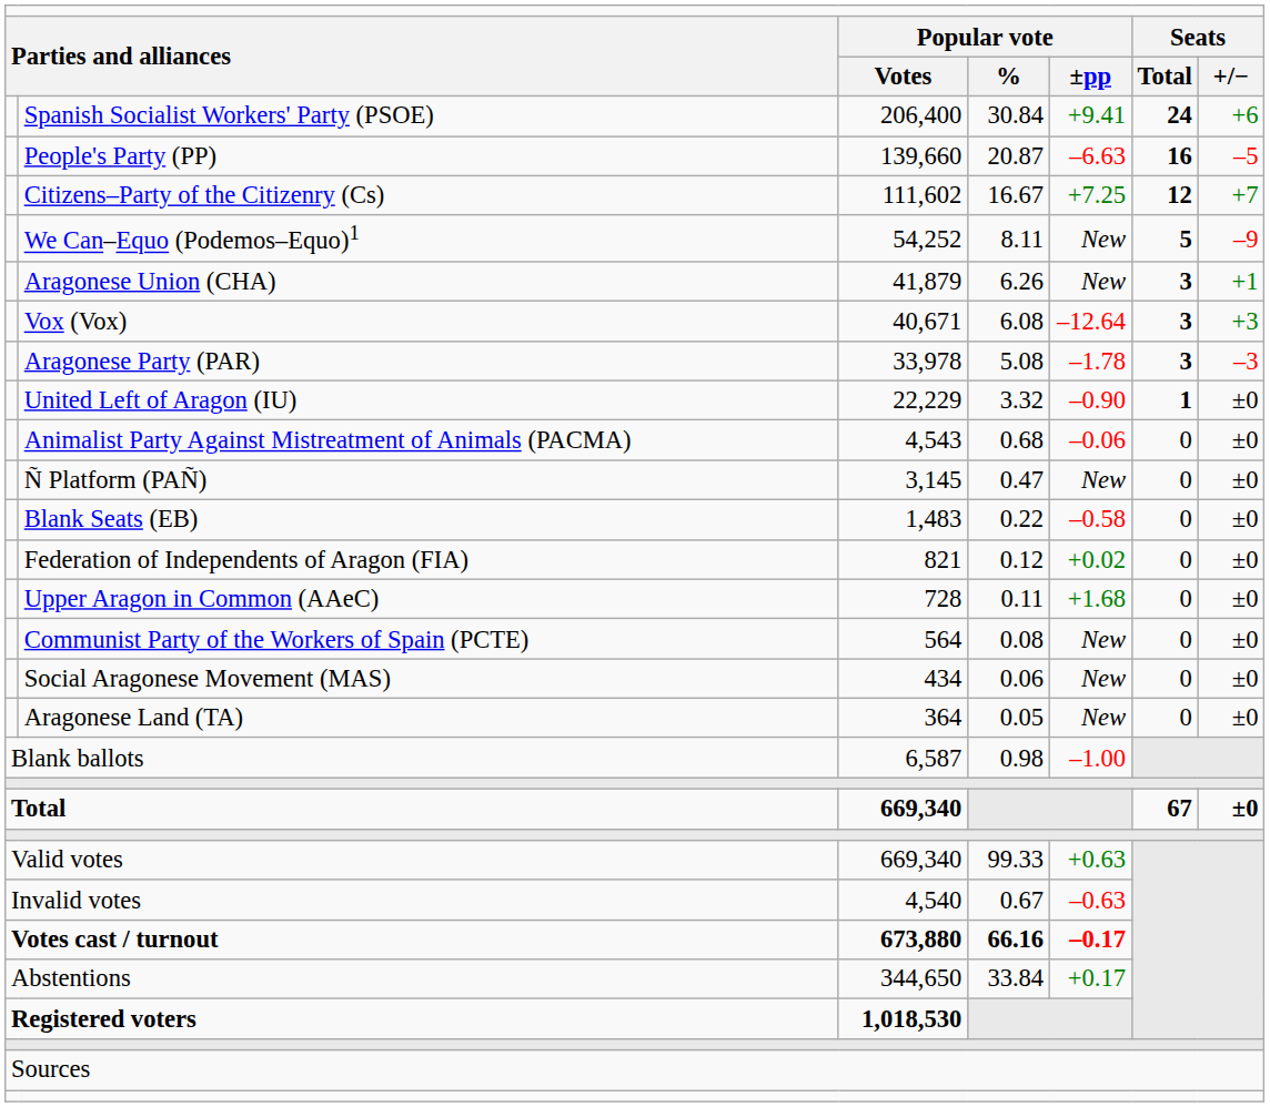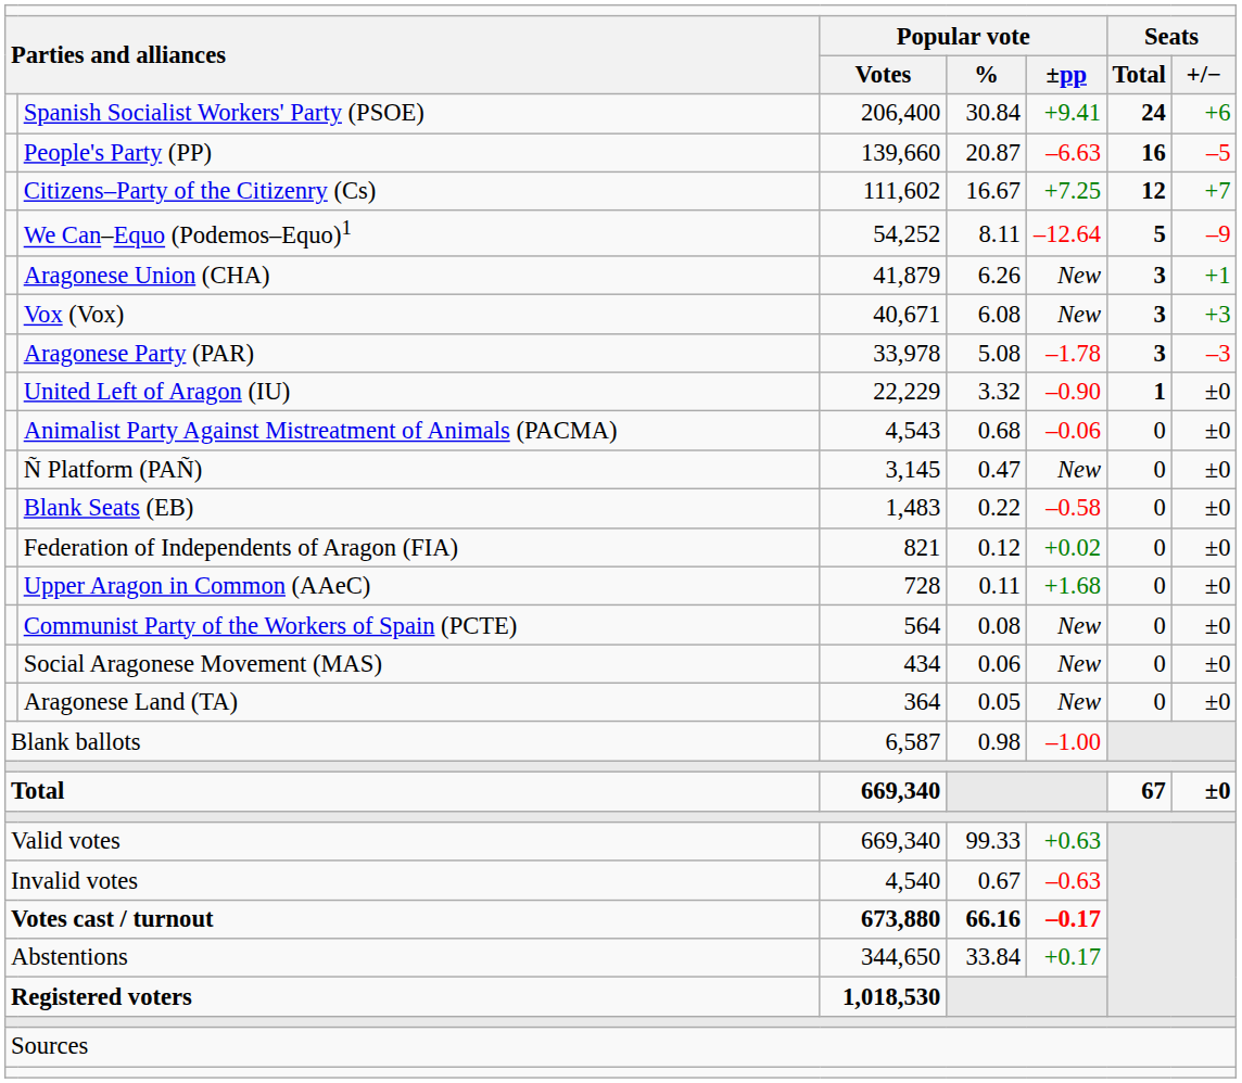 <table class="wikitable" style="text-align:right;">
 <tr>
 <td colspan="7"></td>
 </tr>
 <tr>
 <th style="text-align:left;" rowspan="2" colspan="2" width="525">Parties and alliances</th>
 <th colspan="3">Popular vote</th>
 <th colspan="2">Seats</th>
 </tr>
 <tr>
 <th width="75">Votes</th>
 <th width="45">%</th>
 <th width="45">±<a href='#'>pp</a></th>
 <th width="35">Total</th>
 <th width="35">+/−</th>
 </tr>
 <tr>
 <td width="1" style="color:inherit;background:"></td>
 <td align="left"><a href='#'>Spanish Socialist Workers' Party</a> (PSOE)</td>
 <td>206,400</td>
 <td>30.84</td>
 <td style="color:green;">+9.41</td>
 <td><strong>24</strong></td>
 <td style="color:green;">+6</td>
 </tr>
 <tr>
 <td style="color:inherit;background:"></td>
 <td align="left"><a href='#'>People's Party</a> (PP)</td>
 <td>139,660</td>
 <td>20.87</td>
 <td style="color:red;">–6.63</td>
 <td><strong>16</strong></td>
 <td style="color:red;">–5</td>
 </tr>
 <tr>
 <td style="color:inherit;background:"></td>
 <td align="left"><a href='#'>Citizens–Party of the Citizenry</a> (Cs)</td>
 <td>111,602</td>
 <td>16.67</td>
 <td style="color:green;">+7.25</td>
 <td><strong>12</strong></td>
 <td style="color:green;">+7</td>
 </tr>
 <tr>
 <td style="color:inherit;background:"></td>
 <td align="left"><a href='#'>We Can</a>–<a href='#'>Equo</a> (Podemos–Equo)<sup>1</sup></td>
 <td>54,252</td>
 <td>8.11</td>
-<td><em>New</em></td>
+<td style="color:red;">–12.64</td>
 <td><strong>5</strong></td>
 <td style="color:red;">–9</td>
 </tr>
 <tr>
 <td style="color:inherit;background:"></td>
 <td align="left"><a href='#'>Aragonese Union</a> (CHA)</td>
 <td>41,879</td>
 <td>6.26</td>
 <td><em>New</em></td>
 <td><strong>3</strong></td>
 <td style="color:green;">+1</td>
 </tr>
 <tr>
 <td style="color:inherit;background:"></td>
 <td align="left"><a href='#'>Vox</a> (Vox)</td>
 <td>40,671</td>
 <td>6.08</td>
-<td style="color:red;">–12.64</td>
+<td><em>New</em></td>
 <td><strong>3</strong></td>
 <td style="color:green;">+3</td>
 </tr>
 <tr>
 <td style="color:inherit;background:"></td>
 <td align="left"><a href='#'>Aragonese Party</a> (PAR)</td>
 <td>33,978</td>
 <td>5.08</td>
 <td style="color:red;">–1.78</td>
 <td><strong>3</strong></td>
 <td style="color:red;">–3</td>
 </tr>
 <tr>
 <td style="color:inherit;background:"></td>
 <td align="left"><a href='#'>United Left of Aragon</a> (IU)</td>
 <td>22,229</td>
 <td>3.32</td>
 <td style="color:red;">–0.90</td>
 <td><strong>1</strong></td>
 <td>±0</td>
 </tr>
 <tr>
 <td style="color:inherit;background:"></td>
 <td align="left"><a href='#'>Animalist Party Against Mistreatment of Animals</a> (PACMA)</td>
 <td>4,543</td>
 <td>0.68</td>
 <td style="color:red;">–0.06</td>
 <td>0</td>
 <td>±0</td>
 </tr>
 <tr>
 <td style="color:inherit;background:"></td>
 <td align="left">Ñ Platform (PAÑ)</td>
 <td>3,145</td>
 <td>0.47</td>
 <td><em>New</em></td>
 <td>0</td>
 <td>±0</td>
 </tr>
 <tr>
 <td style="color:inherit;background:"></td>
 <td align="left"><a href='#'>Blank Seats</a> (EB)</td>
 <td>1,483</td>
 <td>0.22</td>
 <td style="color:red;">–0.58</td>
 <td>0</td>
 <td>±0</td>
 </tr>
 <tr>
 <td style="color:inherit;background:"></td>
 <td align="left">Federation of Independents of Aragon (FIA)</td>
 <td>821</td>
 <td>0.12</td>
 <td style="color:green;">+0.02</td>
 <td>0</td>
 <td>±0</td>
 </tr>
 <tr>
 <td style="color:inherit;background:"></td>
 <td align="left"><a href='#'>Upper Aragon in Common</a> (AAeC)</td>
 <td>728</td>
 <td>0.11</td>
 <td style="color:green;">+1.68</td>
 <td>0</td>
 <td>±0</td>
 </tr>
 <tr>
 <td style="color:inherit;background:"></td>
 <td align="left"><a href='#'>Communist Party of the Workers of Spain</a> (PCTE)</td>
 <td>564</td>
 <td>0.08</td>
 <td><em>New</em></td>
 <td>0</td>
 <td>±0</td>
 </tr>
 <tr>
 <td style="color:inherit;background:"></td>
 <td align="left">Social Aragonese Movement (MAS)</td>
 <td>434</td>
 <td>0.06</td>
 <td><em>New</em></td>
 <td>0</td>
 <td>±0</td>
 </tr>
 <tr>
 <td style="color:inherit;background:"></td>
 <td align="left">Aragonese Land (TA)</td>
 <td>364</td>
 <td>0.05</td>
 <td><em>New</em></td>
 <td>0</td>
 <td>±0</td>
 </tr>
 <tr>
 <td align="left" colspan="2">Blank ballots</td>
 <td>6,587</td>
 <td>0.98</td>
 <td style="color:red;">–1.00</td>
 <td bgcolor="#E9E9E9" colspan="2"></td>
 </tr>
 <tr>
 <td colspan="7" bgcolor="#E9E9E9"></td>
 </tr>
 <tr style="font-weight:bold;">
 <td align="left" colspan="2">Total</td>
 <td>669,340</td>
 <td bgcolor="#E9E9E9" colspan="2"></td>
 <td>67</td>
 <td>±0</td>
 </tr>
 <tr>
 <td colspan="7" bgcolor="#E9E9E9"></td>
 </tr>
 <tr>
 <td align="left" colspan="2">Valid votes</td>
 <td>669,340</td>
 <td>99.33</td>
 <td style="color:green;">+0.63</td>
 <td bgcolor="#E9E9E9" colspan="2" rowspan="5"></td>
 </tr>
 <tr>
 <td align="left" colspan="2">Invalid votes</td>
 <td>4,540</td>
 <td>0.67</td>
 <td style="color:red;">–0.63</td>
 </tr>
 <tr style="font-weight:bold;">
 <td align="left" colspan="2">Votes cast / turnout</td>
 <td>673,880</td>
 <td>66.16</td>
 <td style="color:red;">–0.17</td>
 </tr>
 <tr>
 <td align="left" colspan="2">Abstentions</td>
 <td>344,650</td>
 <td>33.84</td>
 <td style="color:green;">+0.17</td>
 </tr>
 <tr style="font-weight:bold;">
 <td align="left" colspan="2">Registered voters</td>
 <td>1,018,530</td>
 <td bgcolor="#E9E9E9" colspan="2"></td>
 </tr>
 <tr>
 <td colspan="7" bgcolor="#E9E9E9"></td>
 </tr>
 <tr>
 <td align="left" colspan="7">Sources</td>
 </tr>
 <tr>
 <td colspan="7" style="text-align:left; max-width:790px;"></td>
 </tr>
 </table>
